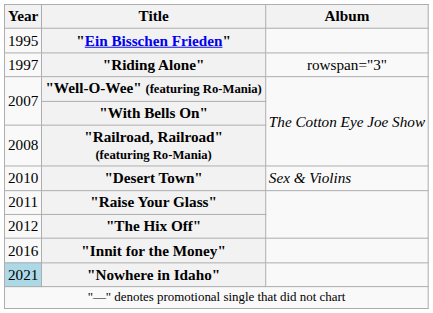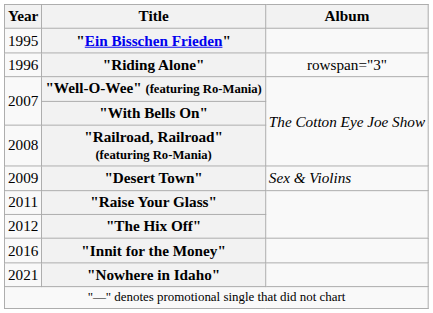 <table class="wikitable plainrowheaders" style="text-align:center;">
 <tr>
 <th>Year</th>
 <th>Title</th>
 <th>Album</th>
 </tr>
 <tr>
 <td>1995</td>
 <th scope="row">"<a href='#'>Ein Bisschen Frieden</a>"</th>
 <td></td>
 </tr>
 <tr>
-<td>1997</td>
+<td>1996</td>
 <th scope="row">"Riding Alone"</th>
 <td>rowspan="3" </td>
 </tr>
 <tr>
 <td rowspan="2">2007</td>
 <th scope="row">"Well-O-Wee" <small>(featuring Ro-Mania)</small></th>
 <td style="text-align:left;" rowspan="3"><em>The Cotton Eye Joe Show</em></td>
 </tr>
 <tr>
 <th scope="row">"With Bells On"</th>
 </tr>
 <tr>
 <td>2008</td>
 <th scope="row">"Railroad, Railroad" <br><small>(featuring Ro-Mania)</small></th>
 </tr>
 <tr>
-<td>2010</td>
+<td>2009</td>
 <th scope="row">"Desert Town"</th>
 <td style="text-align:left;"><em>Sex & Violins</em></td>
 </tr>
 <tr>
 <td>2011</td>
 <th scope="row">"Raise Your Glass"</th>
 </tr>
 <tr>
 <td>2012</td>
 <th scope="row">"The Hix Off"</th>
 </tr>
 <tr>
 <td>2016</td>
 <th scope="row">"Innit for the Money"</th>
 <td></td>
 </tr>
 <tr>
-<td style="background: lightblue;">2021</td>
+<td>2021</td>
 <th scope="row">"Nowhere in Idaho"</th>
 <td></td>
 </tr>
 <tr>
 <td colspan="15" style="font-size:85%">"—" denotes promotional single that did not chart</td>
 </tr>
 </table>
